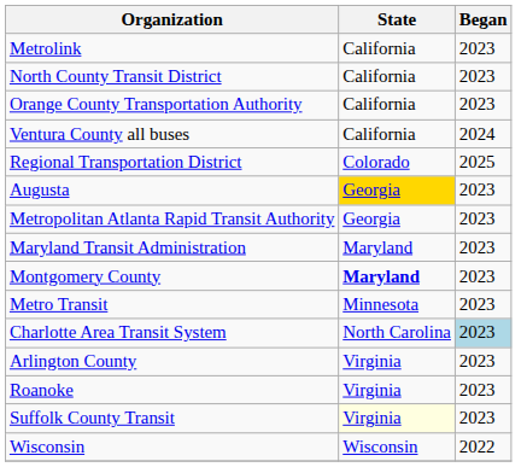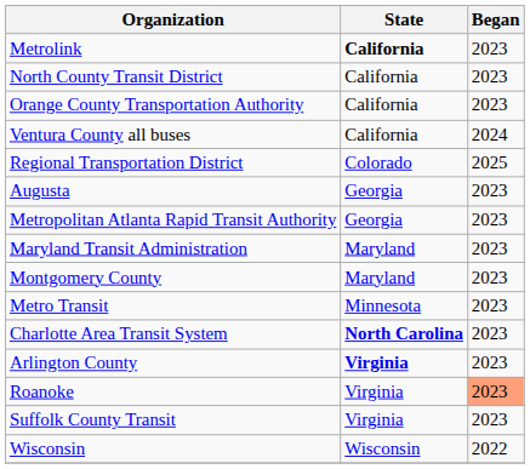 <table class="wikitable sortable">
 <tr>
 <th colspan=1>Organization</th>
 <th>State</th>
 <th>Began</th>
 </tr>
 <tr>
 <td><a href='#'>Metrolink</a></td>
-<td>California</td>
+<td><strong>California</strong></td>
 <td>2023</td>
 </tr>
 <tr>
 <td><a href='#'>North County Transit District</a></td>
 <td>California</td>
 <td>2023</td>
 </tr>
 <tr>
 <td><a href='#'>Orange County Transportation Authority</a></td>
 <td>California</td>
 <td>2023</td>
 </tr>
 <tr>
 <td><a href='#'>Ventura County</a> all buses</td>
 <td>California</td>
 <td>2024</td>
 </tr>
 <tr>
 <td><a href='#'>Regional Transportation District</a></td>
 <td><a href='#'>Colorado</a></td>
 <td>2025</td>
 </tr>
 <tr>
 <td><a href='#'>Augusta</a></td>
-<td style="background: gold;"><a href='#'>Georgia</a></td>
+<td><a href='#'>Georgia</a></td>
 <td>2023</td>
 </tr>
 <tr>
 <td><a href='#'>Metropolitan Atlanta Rapid Transit Authority</a></td>
 <td><a href='#'>Georgia</a></td>
 <td>2023</td>
 </tr>
 <tr>
 <td><a href='#'>Maryland Transit Administration</a></td>
 <td><a href='#'>Maryland</a></td>
 <td>2023</td>
 </tr>
 <tr>
 <td><a href='#'>Montgomery County</a></td>
-<td><strong><a href='#'>Maryland</a></strong></td>
+<td><a href='#'>Maryland</a></td>
 <td>2023</td>
 </tr>
 <tr>
 <td><a href='#'>Metro Transit</a></td>
 <td><a href='#'>Minnesota</a></td>
 <td>2023</td>
 </tr>
 <tr>
 <td><a href='#'>Charlotte Area Transit System</a></td>
-<td><a href='#'>North Carolina</a></td>
-<td style="background: lightblue;">2023</td>
+<td><strong><a href='#'>North Carolina</a></strong></td>
+<td>2023</td>
 </tr>
 <tr>
 <td><a href='#'>Arlington County</a></td>
-<td><a href='#'>Virginia</a></td>
+<td><strong><a href='#'>Virginia</a></strong></td>
 <td>2023</td>
 </tr>
 <tr>
 <td><a href='#'>Roanoke</a></td>
 <td><a href='#'>Virginia</a></td>
-<td>2023</td>
+<td style="background: lightsalmon;">2023</td>
 </tr>
 <tr>
 <td><a href='#'>Suffolk County Transit</a></td>
-<td style="background: lightyellow;"><a href='#'>Virginia</a></td>
+<td><a href='#'>Virginia</a></td>
 <td>2023</td>
 </tr>
 <tr>
 <td><a href='#'>Wisconsin</a></td>
 <td><a href='#'>Wisconsin</a></td>
 <td>2022</td>
 </tr>
 <tr>
 </tr>
 </table>
